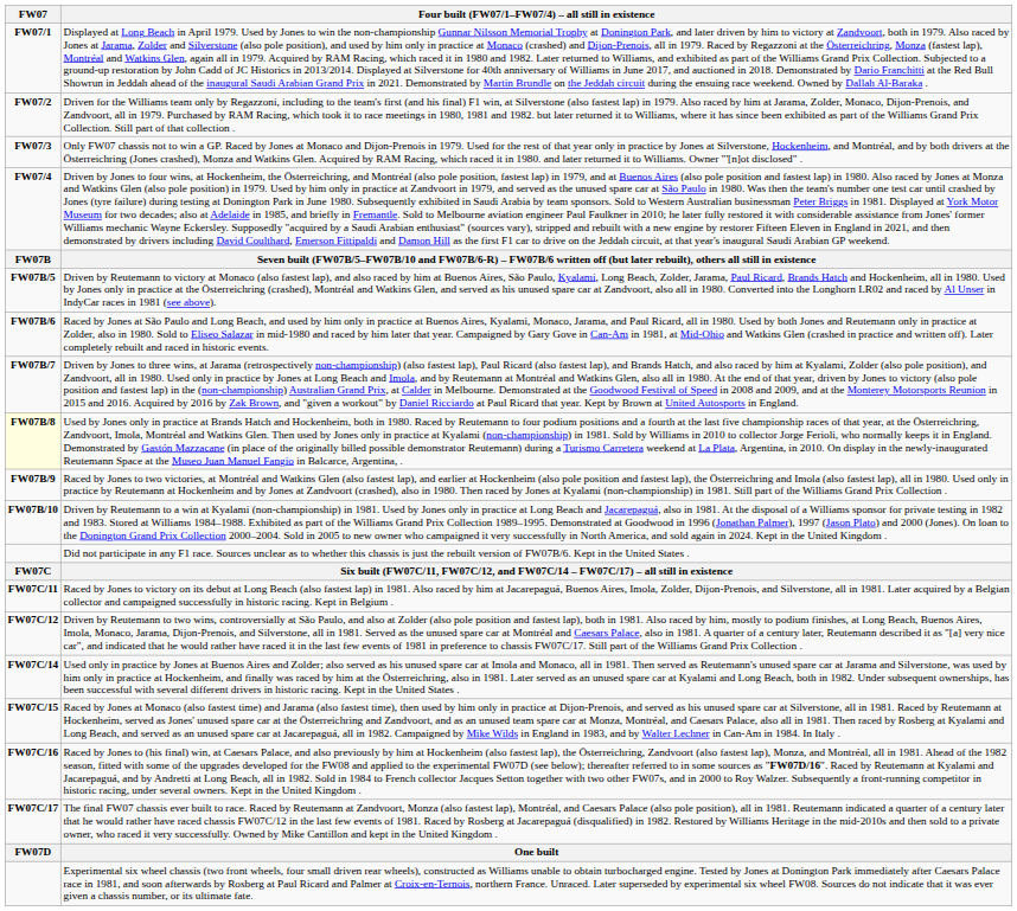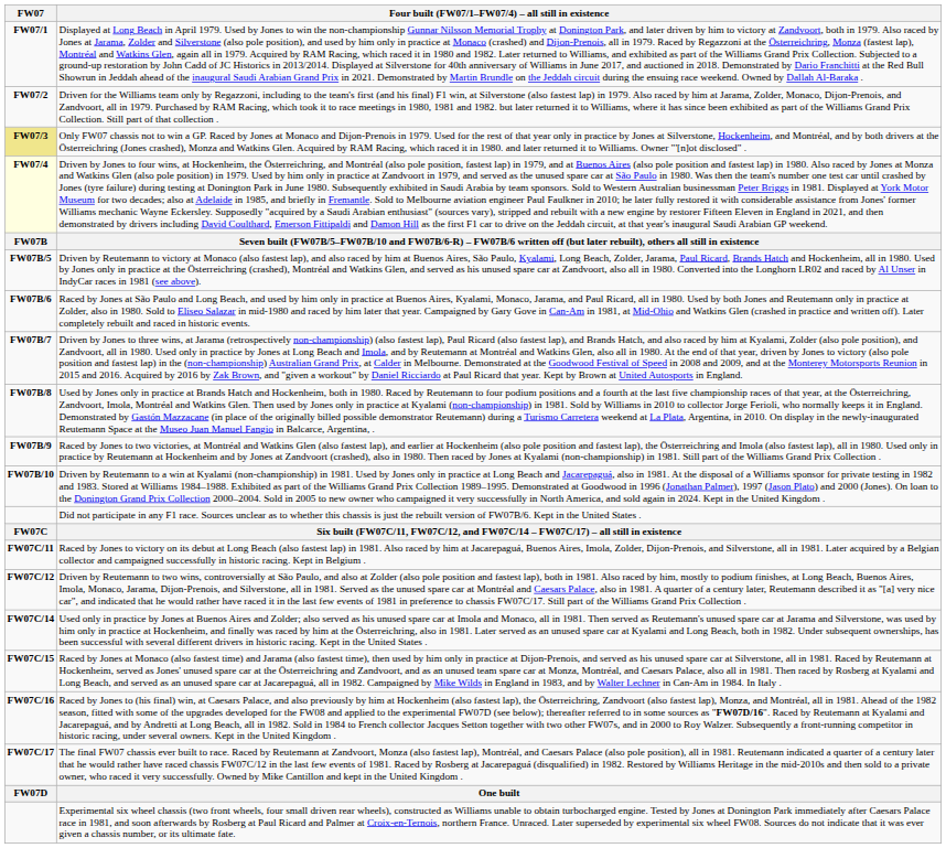 <table class="wikitable" style="font-size:85%">
 <tr style="vertical-align: top">
 <th><strong>FW07</strong></th>
 <th>Four built (FW07/1–FW07/4) – all still in existence</th>
 </tr>
 <tr style="text-align:center; vertical-align: top;">
 <td><strong>FW07/1</strong></td>
 <td style="text-align:left;">Displayed at <a href='#'>Long Beach</a> in April 1979. Used by Jones to win the non-championship <a href='#'>Gunnar Nilsson Memorial Trophy</a> at <a href='#'>Donington Park</a>, and later driven by him to victory at <a href='#'>Zandvoort</a>, both in 1979. Also raced by Jones at <a href='#'>Jarama</a>, <a href='#'>Zolder</a> and <a href='#'>Silverstone</a> (also pole position), and used by him only in practice at <a href='#'>Monaco</a> (crashed) and <a href='#'>Dijon-Prenois</a>, all in 1979. Raced by Regazzoni at the <a href='#'>Österreichring</a>, <a href='#'>Monza</a> (fastest lap), <a href='#'>Montréal</a> and <a href='#'>Watkins Glen</a>, again all in 1979. Acquired by RAM Racing, which raced it in 1980 and 1982. Later returned to Williams, and exhibited as part of the Williams Grand Prix Collection. Subjected to a ground-up restoration by John Cadd of JC Historics in 2013/2014. Displayed at Silverstone for 40th anniversary of Williams in June 2017, and auctioned in 2018. Demonstrated by <a href='#'>Dario Franchitti</a> at the Red Bull Showrun in Jeddah ahead of the <a href='#'>inaugural Saudi Arabian Grand Prix</a> in 2021. Demonstrated by <a href='#'>Martin Brundle</a> on <a href='#'>the Jeddah circuit</a> during the ensuing race weekend. Owned by <a href='#'>Dallah Al-Baraka</a> .</td>
 </tr>
 <tr style="text-align:center; vertical-align: top;">
 <td><strong>FW07/2</strong></td>
 <td style="text-align:left;">Driven for the Williams team only by Regazzoni, including to the team's first (and his final) F1 win, at Silverstone (also fastest lap) in 1979. Also raced by him at Jarama, Zolder, Monaco, Dijon-Prenois, and Zandvoort, all in 1979. Purchased by RAM Racing, which took it to race meetings in 1980, 1981 and 1982. but later returned it to Williams, where it has since been exhibited as part of the Williams Grand Prix Collection. Still part of that collection .</td>
 </tr>
 <tr style="text-align:center; vertical-align: top;">
-<td><strong>FW07/3</strong></td>
+<td style="background: khaki;"><strong>FW07/3</strong></td>
 <td style="text-align:left;">Only FW07 chassis not to win a GP. Raced by Jones at Monaco and Dijon-Prenois in 1979. Used for the rest of that year only in practice by Jones at Silverstone, <a href='#'>Hockenheim</a>, and Montréal, and by both drivers at the Österreichring (Jones crashed), Monza and Watkins Glen. Acquired by RAM Racing, which raced it in 1980. and later returned it to Williams. Owner "'[n]ot disclosed" .</td>
 </tr>
 <tr style="text-align:center; vertical-align: top;">
-<td><strong>FW07/4</strong></td>
+<td style="background: lightyellow;"><strong>FW07/4</strong></td>
 <td style="text-align:left;">Driven by Jones to four wins, at Hockenheim, the Österreichring, and Montréal (also pole position, fastest lap) in 1979, and at <a href='#'>Buenos Aires</a> (also pole position and fastest lap) in 1980. Also raced by Jones at Monza and Watkins Glen (also pole position) in 1979. Used by him only in practice at Zandvoort in 1979, and served as the unused spare car at <a href='#'>São Paulo</a> in 1980. Was then the team's number one test car until crashed by Jones (tyre failure) during testing at Donington Park in June 1980. Subsequently exhibited in Saudi Arabia by team sponsors. Sold to Western Australian businessman <a href='#'>Peter Briggs</a> in 1981. Displayed at <a href='#'>York Motor Museum</a> for two decades; also at <a href='#'>Adelaide</a> in 1985, and briefly in <a href='#'>Fremantle</a>. Sold to Melbourne aviation engineer Paul Faulkner in 2010; he later fully restored it with considerable assistance from Jones' former Williams mechanic Wayne Eckersley. Supposedly "acquired by a Saudi Arabian enthusiast" (sources vary), stripped and rebuilt with a new engine by restorer Fifteen Eleven in England in 2021, and then demonstrated by drivers including <a href='#'>David Coulthard</a>, <a href='#'>Emerson Fittipaldi</a> and <a href='#'>Damon Hill</a> as the first F1 car to drive on the Jeddah circuit, at that year's inaugural Saudi Arabian GP weekend.</td>
 </tr>
 <tr>
 <th><strong>FW07B</strong></th>
 <th>Seven built (FW07B/5–FW07B/10 and FW07B/6-R) – FW07B/6 written off (but later rebuilt), others all still in existence</th>
 </tr>
 <tr style="text-align:center; vertical-align: top;">
 <td><strong>FW07B/5</strong></td>
 <td style="text-align:left;">Driven by Reutemann to victory at Monaco (also fastest lap), and also raced by him at Buenos Aires, São Paulo, <a href='#'>Kyalami</a>, Long Beach, Zolder, Jarama, <a href='#'>Paul Ricard</a>, <a href='#'>Brands Hatch</a> and Hockenheim, all in 1980. Used by Jones only in practice at the Österreichring (crashed), Montréal and Watkins Glen, and served as his unused spare car at Zandvoort, also all in 1980. Converted into the Longhorn LR02 and raced by <a href='#'>Al Unser</a> in IndyCar races in 1981 (<a href='#'>see above</a>).</td>
 </tr>
 <tr style="text-align:center; vertical-align: top;">
 <td><strong>FW07B/6</strong></td>
 <td style="text-align:left;">Raced by Jones at São Paulo and Long Beach, and used by him only in practice at Buenos Aires, Kyalami, Monaco, Jarama, and Paul Ricard, all in 1980. Used by both Jones and Reutemann only in practice at Zolder, also in 1980. Sold to <a href='#'>Eliseo Salazar</a> in mid-1980 and raced by him later that year. Campaigned by Gary Gove in <a href='#'>Can-Am</a> in 1981, at <a href='#'>Mid-Ohio</a> and Watkins Glen (crashed in practice and written off). Later completely rebuilt and raced in historic events.</td>
 </tr>
 <tr style="text-align:center; vertical-align: top;">
 <td><strong>FW07B/7</strong></td>
 <td style="text-align:left;">Driven by Jones to three wins, at Jarama (retrospectively <a href='#'>non-championship</a>) (also fastest lap), Paul Ricard (also fastest lap), and Brands Hatch, and also raced by him at Kyalami, Zolder (also pole position), and Zandvoort, all in 1980. Used only in practice by Jones at Long Beach and <a href='#'>Imola</a>, and by Reutemann at Montréal and Watkins Glen, also all in 1980. At the end of that year, driven by Jones to victory (also pole position and fastest lap) in the (<a href='#'>non-championship</a>) <a href='#'>Australian Grand Prix</a>, at <a href='#'>Calder</a> in Melbourne. Demonstrated at the <a href='#'>Goodwood Festival of Speed</a> in 2008 and 2009, and at the <a href='#'>Monterey Motorsports Reunion</a> in 2015 and 2016. Acquired by 2016 by <a href='#'>Zak Brown</a>, and "given a workout" by <a href='#'>Daniel Ricciardo</a> at Paul Ricard that year. Kept by Brown at <a href='#'>United Autosports</a> in England.</td>
 </tr>
 <tr style="text-align:center; vertical-align: top;">
-<td style="background: lightyellow;"><strong>FW07B/8</strong></td>
+<td><strong>FW07B/8</strong></td>
 <td style="text-align:left;">Used by Jones only in practice at Brands Hatch and Hockenheim, both in 1980. Raced by Reutemann to four podium positions and a fourth at the last five championship races of that year, at the Österreichring, Zandvoort, Imola, Montréal and Watkins Glen. Then used by Jones only in practice at Kyalami (<a href='#'>non-championship</a>) in 1981. Sold by Williams in 2010 to collector Jorge Ferioli, who normally keeps it in England. Demonstrated by <a href='#'>Gastón Mazzacane</a> (in place of the originally billed possible demonstrator Reutemann) during a <a href='#'>Turismo Carretera</a> weekend at <a href='#'>La Plata</a>, Argentina, in 2010. On display in the newly-inaugurated Reutemann Space at the <a href='#'>Museo Juan Manuel Fangio</a> in Balcarce, Argentina, .</td>
 </tr>
 <tr style="text-align:center; vertical-align: top;">
 <td><strong>FW07B/9</strong></td>
 <td style="text-align:left;">Raced by Jones to two victories, at Montréal and Watkins Glen (also fastest lap), and earlier at Hockenheim (also pole position and fastest lap), the Österreichring and Imola (also fastest lap), all in 1980. Used only in practice by Reutemann at Hockenheim and by Jones at Zandvoort (crashed), also in 1980. Then raced by Jones at Kyalami (non-championship) in 1981. Still part of the Williams Grand Prix Collection .</td>
 </tr>
 <tr style="text-align:center; vertical-align: top;">
 <td><strong>FW07B/10</strong></td>
 <td style="text-align:left;">Driven by Reutemann to a win at Kyalami (non-championship) in 1981. Used by Jones only in practice at Long Beach and <a href='#'>Jacarepaguá</a>, also in 1981. At the disposal of a Williams sponsor for private testing in 1982 and 1983. Stored at Williams 1984–1988. Exhibited as part of the Williams Grand Prix Collection 1989–1995. Demonstrated at Goodwood in 1996 (<a href='#'>Jonathan Palmer</a>), 1997 (<a href='#'>Jason Plato</a>) and 2000 (Jones). On loan to the <a href='#'>Donington Grand Prix Collection</a> 2000–2004. Sold in 2005 to new owner who campaigned it very successfully in North America, and sold again in 2024. Kept in the United Kingdom .</td>
 </tr>
 <tr style="text-align:center; vertical-align: top;">
 <td></td>
 <td style="text-align:left;">Did not participate in any F1 race. Sources unclear as to whether this chassis is just the rebuilt version of FW07B/6. Kept in the United States .</td>
 </tr>
 <tr>
 <th><strong>FW07C</strong></th>
 <th>Six built (FW07C/11, FW07C/12, and FW07C/14 – FW07C/17) – all still in existence</th>
 </tr>
 <tr style="text-align:center; vertical-align: top;">
 <td><strong>FW07C/11</strong></td>
 <td style="text-align:left;">Raced by Jones to victory on its debut at Long Beach (also fastest lap) in 1981. Also raced by him at Jacarepaguá, Buenos Aires, Imola, Zolder, Dijon-Prenois, and Silverstone, all in 1981. Later acquired by a Belgian collector and campaigned successfully in historic racing. Kept in Belgium .</td>
 </tr>
 <tr style="text-align:center; vertical-align: top;">
 <td><strong>FW07C/12</strong></td>
 <td style="text-align:left;">Driven by Reutemann to two wins, controversially at São Paulo, and also at Zolder (also pole position and fastest lap), both in 1981. Also raced by him, mostly to podium finishes, at Long Beach, Buenos Aires, Imola, Monaco, Jarama, Dijon-Prenois, and Silverstone, all in 1981. Served as the unused spare car at Montréal and <a href='#'>Caesars Palace</a>, also in 1981. A quarter of a century later, Reutemann described it as "[a] very nice car", and indicated that he would rather have raced it in the last few events of 1981 in preference to chassis FW07C/17. Still part of the Williams Grand Prix Collection .</td>
 </tr>
 <tr style="text-align:center; vertical-align: top;">
 <td><strong>FW07C/14</strong></td>
 <td style="text-align:left;">Used only in practice by Jones at Buenos Aires and Zolder; also served as his unused spare car at Imola and Monaco, all in 1981. Then served as Reutemann's unused spare car at Jarama and Silverstone, was used by him only in practice at Hockenheim, and finally was raced by him at the Österreichring, also in 1981. Later served as an unused spare car at Kyalami and Long Beach, both in 1982. Under subsequent ownerships, has been successful with several different drivers in historic racing. Kept in the United States .</td>
 </tr>
 <tr style="text-align:center; vertical-align: top;">
 <td><strong>FW07C/15</strong></td>
 <td style="text-align:left;">Raced by Jones at Monaco (also fastest time) and Jarama (also fastest time), then used by him only in practice at Dijon-Prenois, and served as his unused spare car at Silverstone, all in 1981. Raced by Reutemann at Hockenheim, served as Jones' unused spare car at the Österreichring and Zandvoort, and as an unused team spare car at Monza, Montréal, and Caesars Palace, also all in 1981. Then raced by Rosberg at Kyalami and Long Beach, and served as an unused spare car at Jacarepaguá, all in 1982. Campaigned by <a href='#'>Mike Wilds</a> in England in 1983, and by <a href='#'>Walter Lechner</a> in Can-Am in 1984. In Italy .</td>
 </tr>
 <tr style="text-align:center; vertical-align: top;">
 <td><strong>FW07C/16</strong></td>
 <td style="text-align:left;">Raced by Jones to (his final) win, at Caesars Palace, and also previously by him at Hockenheim (also fastest lap), the Österreichring, Zandvoort (also fastest lap), Monza, and Montréal, all in 1981. Ahead of the 1982 season, fitted with some of the upgrades developed for the FW08 and applied to the experimental FW07D (see below); thereafter referred to in some sources as "<strong>FW07D/16</strong>". Raced by Reutemann at Kyalami and Jacarepaguá, and by Andretti at Long Beach, all in 1982. Sold in 1984 to French collector Jacques Setton together with two other FW07s, and in 2000 to Roy Walzer. Subsequently a front-running competitor in historic racing, under several owners. Kept in the United Kingdom .</td>
 </tr>
 <tr style="text-align:center; vertical-align: top;">
 <td><strong>FW07C/17</strong></td>
 <td style="text-align:left;">The final FW07 chassis ever built to race. Raced by Reutemann at Zandvoort, Monza (also fastest lap), Montréal, and Caesars Palace (also pole position), all in 1981. Reutemann indicated a quarter of a century later that he would rather have raced chassis FW07C/12 in the last few events of 1981. Raced by Rosberg at Jacarepaguá (disqualified) in 1982. Restored by Williams Heritage in the mid-2010s and then sold to a private owner, who raced it very successfully. Owned by Mike Cantillon and kept in the United Kingdom .</td>
 </tr>
 <tr>
 <th><strong>FW07D</strong></th>
 <th>One built</th>
 </tr>
 <tr style="text-align:center; vertical-align: top;">
 <td></td>
 <td style="text-align:left;">Experimental six wheel chassis (two front wheels, four small driven rear wheels), constructed as Williams unable to obtain turbocharged engine. Tested by Jones at Donington Park immediately after Caesars Palace race in 1981, and soon afterwards by Rosberg at Paul Ricard and Palmer at <a href='#'>Croix-en-Ternois</a>, northern France. Unraced. Later superseded by experimental six wheel FW08. Sources do not indicate that it was ever given a chassis number, or its ultimate fate.</td>
 </tr>
 </table>
